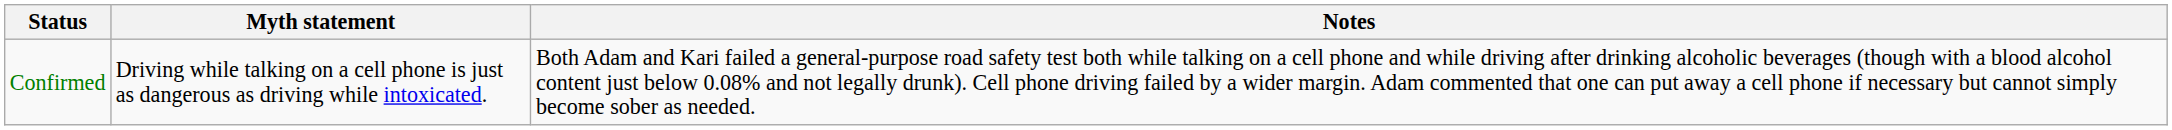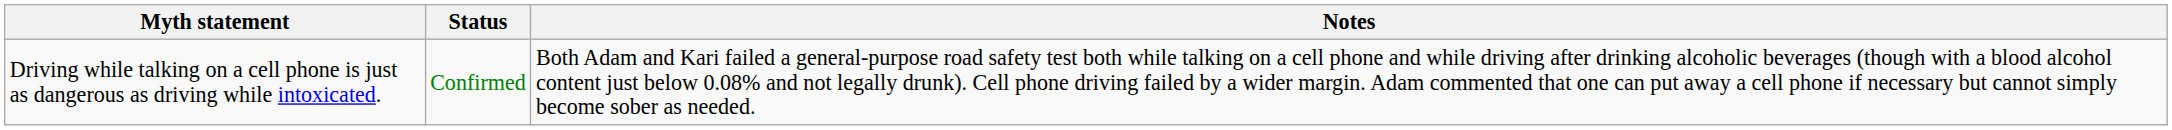 <table class="wikitable plainrowheaders">
 <tr>
+<th>Myth statement</th>
 <th>Status</th>
-<th>Myth statement</th>
 <th>Notes</th>
 </tr>
 <tr>
+<td>Driving while talking on a cell phone is just as dangerous as driving while <a href='#'>intoxicated</a>.</td>
 <td style="color:green">Confirmed</td>
-<td>Driving while talking on a cell phone is just as dangerous as driving while <a href='#'>intoxicated</a>.</td>
 <td>Both Adam and Kari failed a general-purpose road safety test both while talking on a cell phone and while driving after drinking alcoholic beverages (though with a blood alcohol content just below 0.08% and not legally drunk). Cell phone driving failed by a wider margin. Adam commented that one can put away a cell phone if necessary but cannot simply become sober as needed.</td>
 </tr>
 </table>
